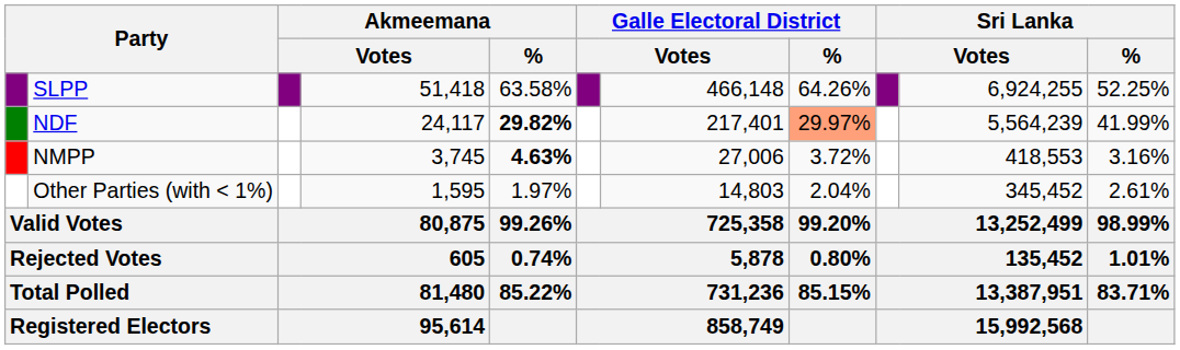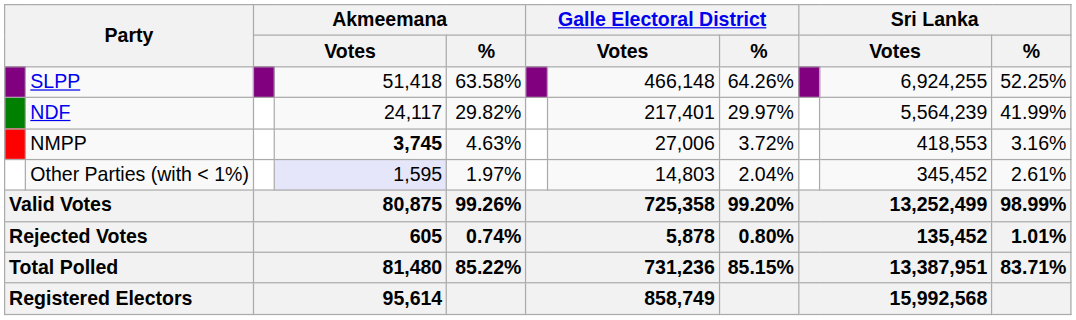 <table class="wikitable">
 <tr>
 <th colspan="2" width="144px"rowspan="2">Party</th>
 <th colspan="3" width="216px">Akmeemana</th>
 <th colspan="3" width="216px"><a href='#'>Galle Electoral District</a></th>
 <th colspan="3" width="216px">Sri Lanka</th>
 </tr>
 <tr>
 <th colspan="2" width="144px">Votes</th>
 <th>%</th>
 <th colspan="2" width="144px">Votes</th>
 <th>%</th>
 <th colspan="2" width="144px">Votes</th>
 <th>%</th>
 </tr>
 <tr>
 <td style="background-color:purple;" width="10px"></td>
 <td style="text-align:left;"><a href='#'>SLPP</a></td>
 <td style="background-color:purple;" width="10px"></td>
 <td style="text-align:right;">51,418</td>
 <td style="text-align:right;">63.58%</td>
 <td style="background-color:purple;" width="10px"></td>
 <td style="text-align:right;">466,148</td>
 <td style="text-align:right;">64.26%</td>
 <td style="background-color:purple;" width="10px"></td>
 <td style="text-align:right;">6,924,255</td>
 <td style="text-align:right;">52.25%</td>
 </tr>
 <tr>
 <td style="background-color:green;" width="10px"></td>
 <td style="text-align:left;"><a href='#'>NDF</a></td>
 <td style="background-color:white;" width="10px"></td>
 <td style="text-align:right;">24,117</td>
-<td style="text-align:right;"><strong>29.82%</strong></td>
+<td style="text-align:right;">29.82%</td>
 <td style="background-color:white;" width="10px"></td>
 <td style="text-align:right;">217,401</td>
-<td style="background: lightsalmon; text-align:right;">29.97%</td>
+<td style="text-align:right;">29.97%</td>
 <td style="background-color:white;" width="10px"></td>
 <td style="text-align:right;">5,564,239</td>
 <td style="text-align:right;">41.99%</td>
 </tr>
 <tr>
 <td style="background-color:red;" width="10px"></td>
 <td style="text-align:left;">NMPP</td>
 <td style="background-color:white;" width="10px"></td>
-<td style="text-align:right;">3,745</td>
-<td style="text-align:right;"><strong>4.63%</strong></td>
+<td style="text-align:right;"><strong>3,745</strong></td>
+<td style="text-align:right;">4.63%</td>
 <td style="background-color:white;" width="10px"></td>
 <td style="text-align:right;">27,006</td>
 <td style="text-align:right;">3.72%</td>
 <td style="background-color:white;" width="10px"></td>
 <td style="text-align:right;">418,553</td>
 <td style="text-align:right;">3.16%</td>
 </tr>
 <tr>
 <td style="background-color:white;" width="10px"></td>
 <td style="text-align:left;">Other Parties (with < 1%)</td>
 <td style="background-color:white;" width="10px"></td>
-<td style="text-align:right;">1,595</td>
+<td style="background: lavender; text-align:right;">1,595</td>
 <td style="text-align:right;">1.97%</td>
 <td style="background-color:white;" width="10px"></td>
 <td style="text-align:right;">14,803</td>
 <td style="text-align:right;">2.04%</td>
 <td style="background-color:white;" width="10px"></td>
 <td style="text-align:right;">345,452</td>
 <td style="text-align:right;">2.61%</td>
 </tr>
 <tr>
 <th colspan="2" width="144px"style="text-align:left;">Valid Votes</th>
 <th style="text-align:right;"colspan="2" width="144px">80,875</th>
 <th style="text-align:right;">99.26%</th>
 <th style="text-align:right;"colspan="2" width="144px">725,358</th>
 <th style="text-align:right;">99.20%</th>
 <th style="text-align:right;"colspan="2" width="144px">13,252,499</th>
 <th style="text-align:right;">98.99%</th>
 </tr>
 <tr>
 <th colspan="2" width="144px"style="text-align:left;">Rejected Votes</th>
 <th style="text-align:right;"colspan="2" width="144px">605</th>
 <th style="text-align:right;">0.74%</th>
 <th style="text-align:right;"colspan="2" width="144px">5,878</th>
 <th style="text-align:right;">0.80%</th>
 <th style="text-align:right;"colspan="2" width="144px">135,452</th>
 <th style="text-align:right;">1.01%</th>
 </tr>
 <tr>
 <th colspan="2" width="144px"style="text-align:left;">Total Polled</th>
 <th style="text-align:right;"colspan="2" width="144px">81,480</th>
 <th style="text-align:right;">85.22%</th>
 <th style="text-align:right;"colspan="2" width="144px">731,236</th>
 <th style="text-align:right;">85.15%</th>
 <th style="text-align:right;"colspan="2" width="144px">13,387,951</th>
 <th style="text-align:right;">83.71%</th>
 </tr>
 <tr>
 <th colspan="2" width="144px"style="text-align:left;">Registered Electors</th>
 <th style="text-align:right;"colspan="2" width="144px">95,614</th>
 <th></th>
 <th style="text-align:right;"colspan="2" width="144px">858,749</th>
 <th></th>
 <th style="text-align:right;"colspan="2" width="144px">15,992,568</th>
 <th></th>
 </tr>
 </table>
